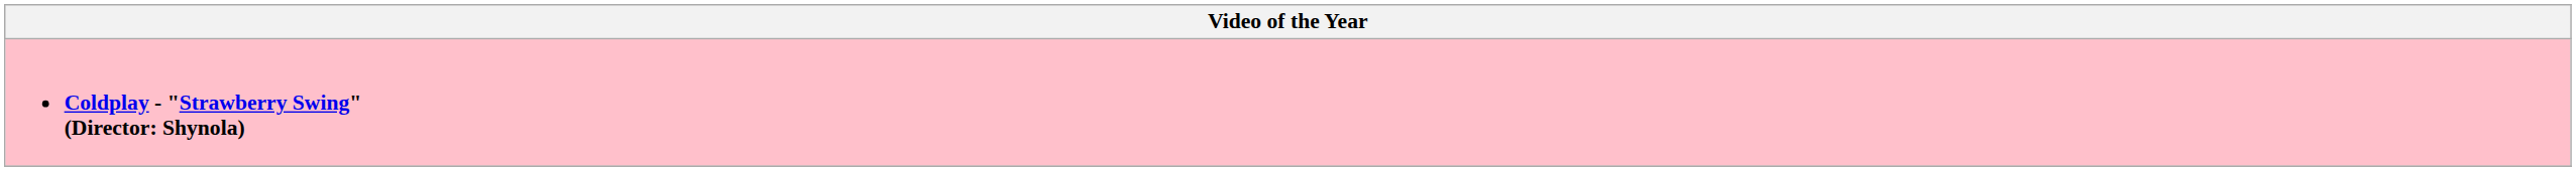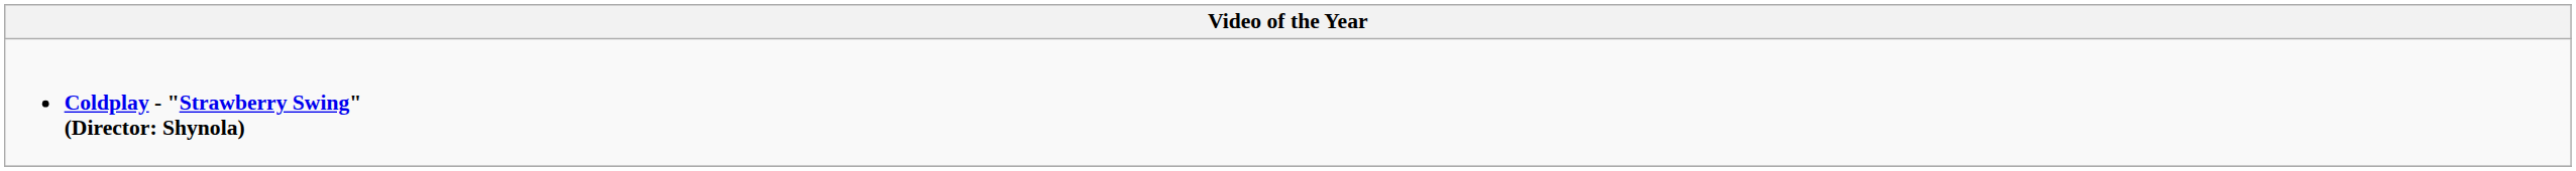 <table class="wikitable" style="width:95%">
 <tr bgcolor="#bebebe">
 <th width="100%">Video of the Year</th>
 </tr>
 <tr>
-<td valign="top" style="background: pink;"><br><ul><li><strong><a href='#'>Coldplay</a> - "<a href='#'>Strawberry Swing</a>" <br>(Director: Shynola)</strong></li></ul></td>
+<td valign="top"><br><ul><li><strong><a href='#'>Coldplay</a> - "<a href='#'>Strawberry Swing</a>" <br>(Director: Shynola)</strong></li></ul></td>
 </tr>
 <tr>
 </tr>
 </table>
